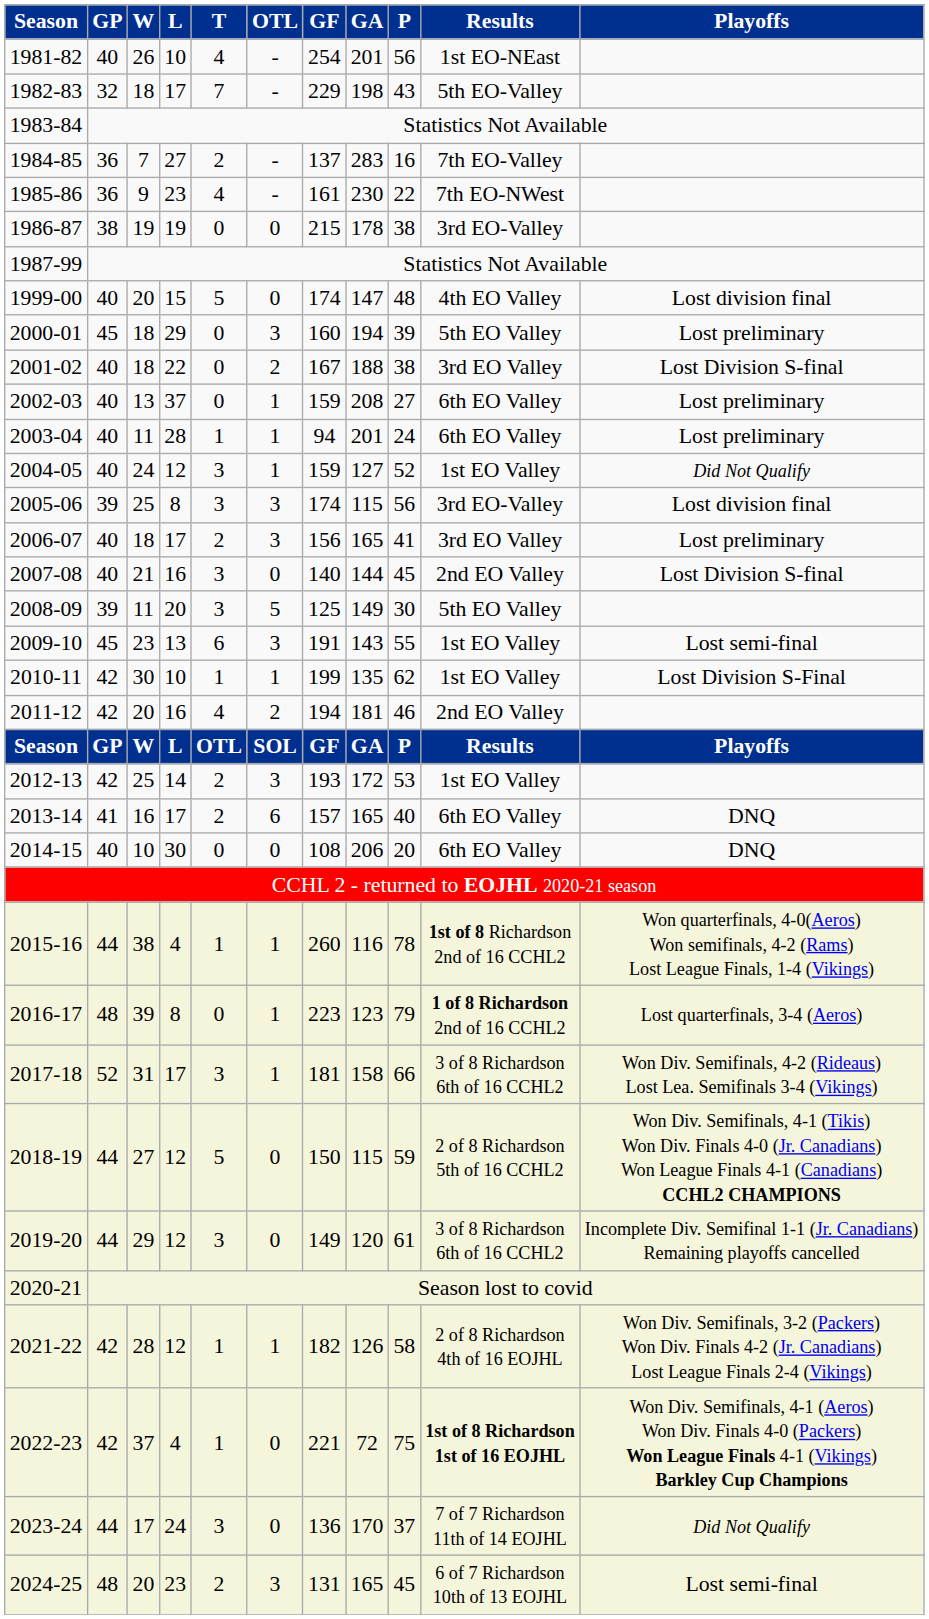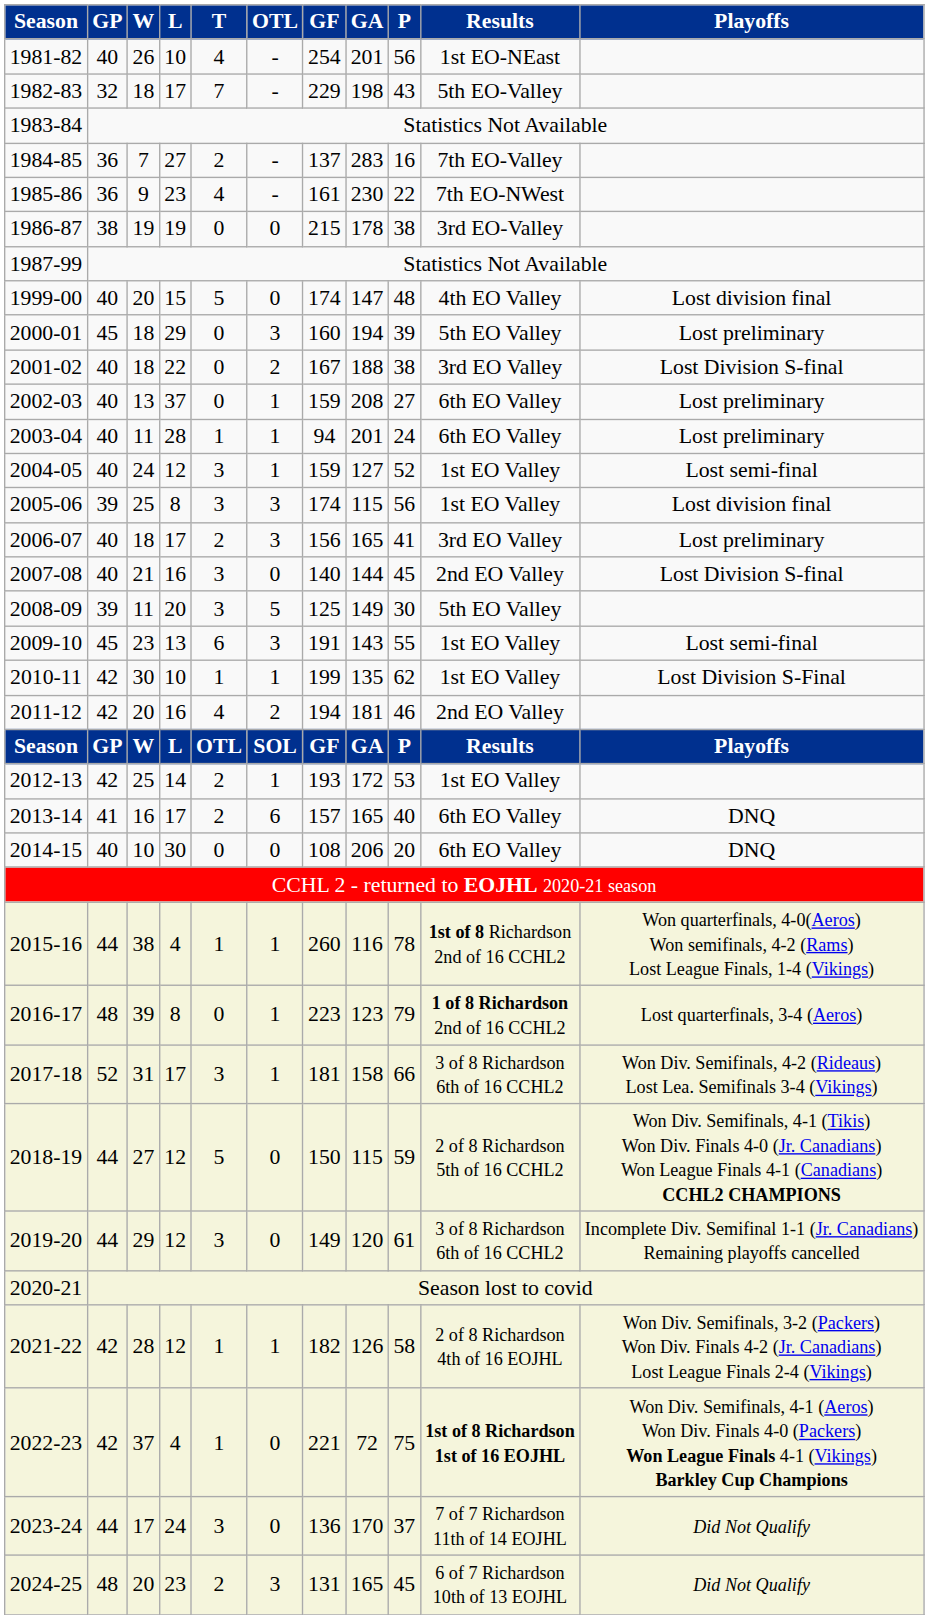 <table class="wikitable">
 <tr align="center" style="color: #FFFFFF" bgcolor="#00308F">
 <td><strong>Season</strong></td>
 <td><strong>GP</strong></td>
 <td><strong>W</strong></td>
 <td><strong>L</strong></td>
 <td><strong>T</strong></td>
 <td><strong>OTL</strong></td>
 <td><strong>GF</strong></td>
 <td><strong>GA</strong></td>
 <td><strong>P</strong></td>
 <td><strong>Results</strong></td>
 <td><strong>Playoffs</strong></td>
 </tr>
 <tr align="center">
 <td>1981-82</td>
 <td>40</td>
 <td>26</td>
 <td>10</td>
 <td>4</td>
 <td>-</td>
 <td>254</td>
 <td>201</td>
 <td>56</td>
 <td>1st EO-NEast</td>
 <td></td>
 </tr>
 <tr align="center">
 <td>1982-83</td>
 <td>32</td>
 <td>18</td>
 <td>17</td>
 <td>7</td>
 <td>-</td>
 <td>229</td>
 <td>198</td>
 <td>43</td>
 <td>5th EO-Valley</td>
 <td></td>
 </tr>
 <tr align="center">
 <td>1983-84</td>
 <td colspan="11">Statistics Not Available</td>
 </tr>
 <tr align="center">
 <td>1984-85</td>
 <td>36</td>
 <td>7</td>
 <td>27</td>
 <td>2</td>
 <td>-</td>
 <td>137</td>
 <td>283</td>
 <td>16</td>
 <td>7th EO-Valley</td>
 <td></td>
 </tr>
 <tr align="center">
 <td>1985-86</td>
 <td>36</td>
 <td>9</td>
 <td>23</td>
 <td>4</td>
 <td>-</td>
 <td>161</td>
 <td>230</td>
 <td>22</td>
 <td>7th EO-NWest</td>
 <td></td>
 </tr>
 <tr align="center">
 <td>1986-87</td>
 <td>38</td>
 <td>19</td>
 <td>19</td>
 <td>0</td>
 <td>0</td>
 <td>215</td>
 <td>178</td>
 <td>38</td>
 <td>3rd EO-Valley</td>
 <td></td>
 </tr>
 <tr align="center">
 <td>1987-99</td>
 <td colspan="11">Statistics Not Available</td>
 </tr>
 <tr align="center">
 <td>1999-00</td>
 <td>40</td>
 <td>20</td>
 <td>15</td>
 <td>5</td>
 <td>0</td>
 <td>174</td>
 <td>147</td>
 <td>48</td>
 <td>4th EO Valley</td>
 <td>Lost division final</td>
 </tr>
 <tr align="center">
 <td>2000-01</td>
 <td>45</td>
 <td>18</td>
 <td>29</td>
 <td>0</td>
 <td>3</td>
 <td>160</td>
 <td>194</td>
 <td>39</td>
 <td>5th EO Valley</td>
 <td>Lost preliminary</td>
 </tr>
 <tr align="center">
 <td>2001-02</td>
 <td>40</td>
 <td>18</td>
 <td>22</td>
 <td>0</td>
 <td>2</td>
 <td>167</td>
 <td>188</td>
 <td>38</td>
 <td>3rd EO Valley</td>
 <td>Lost Division S-final</td>
 </tr>
 <tr align="center">
 <td>2002-03</td>
 <td>40</td>
 <td>13</td>
 <td>37</td>
 <td>0</td>
 <td>1</td>
 <td>159</td>
 <td>208</td>
 <td>27</td>
 <td>6th EO Valley</td>
 <td>Lost preliminary</td>
 </tr>
 <tr align="center">
 <td>2003-04</td>
 <td>40</td>
 <td>11</td>
 <td>28</td>
 <td>1</td>
 <td>1</td>
 <td>94</td>
 <td>201</td>
 <td>24</td>
 <td>6th EO Valley</td>
 <td>Lost preliminary</td>
 </tr>
 <tr align="center">
 <td>2004-05</td>
 <td>40</td>
 <td>24</td>
 <td>12</td>
 <td>3</td>
 <td>1</td>
 <td>159</td>
 <td>127</td>
 <td>52</td>
 <td>1st EO Valley</td>
-<td><small><em>Did Not Qualify</em></small></td>
+<td>Lost semi-final</td>
 </tr>
 <tr align="center">
 <td>2005-06</td>
 <td>39</td>
 <td>25</td>
 <td>8</td>
 <td>3</td>
 <td>3</td>
 <td>174</td>
 <td>115</td>
 <td>56</td>
-<td>3rd EO-Valley</td>
+<td>1st EO Valley</td>
 <td>Lost division final</td>
 </tr>
 <tr align="center">
 <td>2006-07</td>
 <td>40</td>
 <td>18</td>
 <td>17</td>
 <td>2</td>
 <td>3</td>
 <td>156</td>
 <td>165</td>
 <td>41</td>
 <td>3rd EO Valley</td>
 <td>Lost preliminary</td>
 </tr>
 <tr align="center">
 <td>2007-08</td>
 <td>40</td>
 <td>21</td>
 <td>16</td>
 <td>3</td>
 <td>0</td>
 <td>140</td>
 <td>144</td>
 <td>45</td>
 <td>2nd EO Valley</td>
 <td>Lost Division S-final</td>
 </tr>
 <tr align="center">
 <td>2008-09</td>
 <td>39</td>
 <td>11</td>
 <td>20</td>
 <td>3</td>
 <td>5</td>
 <td>125</td>
 <td>149</td>
 <td>30</td>
 <td>5th EO Valley</td>
 <td></td>
 </tr>
 <tr align="center">
 <td>2009-10</td>
 <td>45</td>
 <td>23</td>
 <td>13</td>
 <td>6</td>
 <td>3</td>
 <td>191</td>
 <td>143</td>
 <td>55</td>
 <td>1st EO Valley</td>
 <td>Lost semi-final</td>
 </tr>
 <tr align="center">
 <td>2010-11</td>
 <td>42</td>
 <td>30</td>
 <td>10</td>
 <td>1</td>
 <td>1</td>
 <td>199</td>
 <td>135</td>
 <td>62</td>
 <td>1st EO Valley</td>
 <td>Lost Division S-Final</td>
 </tr>
 <tr align="center">
 <td>2011-12</td>
 <td>42</td>
 <td>20</td>
 <td>16</td>
 <td>4</td>
 <td>2</td>
 <td>194</td>
 <td>181</td>
 <td>46</td>
 <td>2nd EO Valley</td>
 <td></td>
 </tr>
 <tr align="center" style="color: #FFFFFF" bgcolor="#00308F">
 <td><strong>Season</strong></td>
 <td><strong>GP</strong></td>
 <td><strong>W</strong></td>
 <td><strong>L</strong></td>
 <td><strong>OTL</strong></td>
 <td><strong>SOL</strong></td>
 <td><strong>GF</strong></td>
 <td><strong>GA</strong></td>
 <td><strong>P</strong></td>
 <td><strong>Results</strong></td>
 <td><strong>Playoffs</strong></td>
 </tr>
 <tr align="center">
 <td>2012-13</td>
 <td>42</td>
 <td>25</td>
 <td>14</td>
 <td>2</td>
-<td>3</td>
+<td>1</td>
 <td>193</td>
 <td>172</td>
 <td>53</td>
 <td>1st EO Valley</td>
 <td></td>
 </tr>
 <tr align="center">
 <td>2013-14</td>
 <td>41</td>
 <td>16</td>
 <td>17</td>
 <td>2</td>
 <td>6</td>
 <td>157</td>
 <td>165</td>
 <td>40</td>
 <td>6th EO Valley</td>
 <td>DNQ</td>
 </tr>
 <tr align="center">
 <td>2014-15</td>
 <td>40</td>
 <td>10</td>
 <td>30</td>
 <td>0</td>
 <td>0</td>
 <td>108</td>
 <td>206</td>
 <td>20</td>
 <td>6th EO Valley</td>
 <td>DNQ</td>
 </tr>
 <tr align="center" bgcolor=red style="color: white">
 <td colspan="12">CCHL 2 - returned to <strong>EOJHL</strong> <small>2020-21 season</small></td>
 </tr>
 <tr align="center" bgcolor=beige>
 <td>2015-16</td>
 <td>44</td>
 <td>38</td>
 <td>4</td>
 <td>1</td>
 <td>1</td>
 <td>260</td>
 <td>116</td>
 <td>78</td>
 <td><small><strong>1st of 8</strong> Richardson<br>2nd of 16 CCHL2</small></td>
 <td><small>Won quarterfinals, 4-0(<a href='#'>Aeros</a>)<br>Won semifinals, 4-2 (<a href='#'>Rams</a>)<br>Lost League Finals, 1-4 (<a href='#'>Vikings</a>)</small></td>
 </tr>
 <tr align="center"  bgcolor=beige>
 <td>2016-17</td>
 <td>48</td>
 <td>39</td>
 <td>8</td>
 <td>0</td>
 <td>1</td>
 <td>223</td>
 <td>123</td>
 <td>79</td>
 <td><small><strong>1 of 8 Richardson</strong><br>2nd of 16 CCHL2 </small></td>
 <td><small>Lost quarterfinals, 3-4 (<a href='#'>Aeros</a>)</small></td>
 </tr>
 <tr align="center"  bgcolor=beige>
 <td>2017-18</td>
 <td>52</td>
 <td>31</td>
 <td>17</td>
 <td>3</td>
 <td>1</td>
 <td>181</td>
 <td>158</td>
 <td>66</td>
 <td><small>3 of 8 Richardson<br>6th of 16 CCHL2</small></td>
 <td><small>Won Div. Semifinals, 4-2 (<a href='#'>Rideaus</a>)<br>Lost Lea. Semifinals 3-4 (<a href='#'>Vikings</a>)</small></td>
 </tr>
 <tr align="center"  bgcolor=beige>
 <td>2018-19</td>
 <td>44</td>
 <td>27</td>
 <td>12</td>
 <td>5</td>
 <td>0</td>
 <td>150</td>
 <td>115</td>
 <td>59</td>
 <td><small>2 of 8 Richardson<br>5th of 16 CCHL2</small></td>
 <td><small>Won Div. Semifinals, 4-1 (<a href='#'>Tikis</a>)<br>Won Div. Finals 4-0 (<a href='#'>Jr. Canadians</a>)<br>Won League Finals 4-1 (<a href='#'>Canadians</a>)<br><strong>CCHL2 CHAMPIONS</strong></small></td>
 </tr>
 <tr align="center"  bgcolor=beige>
 <td>2019-20</td>
 <td>44</td>
 <td>29</td>
 <td>12</td>
 <td>3</td>
 <td>0</td>
 <td>149</td>
 <td>120</td>
 <td>61</td>
 <td><small>3 of 8 Richardson<br>6th of 16 CCHL2</small></td>
 <td><small>Incomplete Div. Semifinal 1-1 (<a href='#'>Jr. Canadians</a>)<br>Remaining playoffs cancelled</small></td>
 </tr>
 <tr align="center" bgcolor=beige>
 <td>2020-21</td>
 <td colspan="10">Season lost to covid</td>
 </tr>
 <tr align="center" bgcolor=beige>
 <td>2021-22</td>
 <td>42</td>
 <td>28</td>
 <td>12</td>
 <td>1</td>
 <td>1</td>
 <td>182</td>
 <td>126</td>
 <td>58</td>
 <td><small>2 of 8 Richardson<br>4th of 16 EOJHL</small></td>
 <td><small>Won Div. Semifinals, 3-2 (<a href='#'>Packers</a>)<br>Won Div. Finals 4-2 (<a href='#'>Jr. Canadians</a>)<br>Lost League Finals 2-4 (<a href='#'>Vikings</a>)</small></td>
 </tr>
 <tr align="center" bgcolor=beige>
 <td>2022-23</td>
 <td>42</td>
 <td>37</td>
 <td>4</td>
 <td>1</td>
 <td>0</td>
 <td>221</td>
 <td>72</td>
 <td>75</td>
 <td><small><strong>1st of 8 Richardson</strong><br><strong>1st of 16 EOJHL</strong></small></td>
 <td><small>Won Div. Semifinals, 4-1 (<a href='#'>Aeros</a>)<br>Won Div. Finals 4-0 (<a href='#'>Packers</a>)<br><strong>Won League Finals</strong> 4-1 (<a href='#'>Vikings</a>)<br><strong>Barkley Cup Champions</strong></small></td>
 </tr>
 <tr align="center" bgcolor=beige>
 <td>2023-24</td>
 <td>44</td>
 <td>17</td>
 <td>24</td>
 <td>3</td>
 <td>0</td>
 <td>136</td>
 <td>170</td>
 <td>37</td>
 <td><small>7 of 7 Richardson<br>11th of 14 EOJHL</small></td>
 <td><small><em>Did Not Qualify</em></small></td>
 </tr>
 <tr align="center" bgcolor=beige>
 <td>2024-25</td>
 <td>48</td>
 <td>20</td>
 <td>23</td>
 <td>2</td>
 <td>3</td>
 <td>131</td>
 <td>165</td>
 <td>45</td>
 <td><small>6 of 7 Richardson<br>10th of 13 EOJHL</small></td>
-<td>Lost semi-final</td>
+<td><small><em>Did Not Qualify</em></small></td>
 </tr>
 </table>
